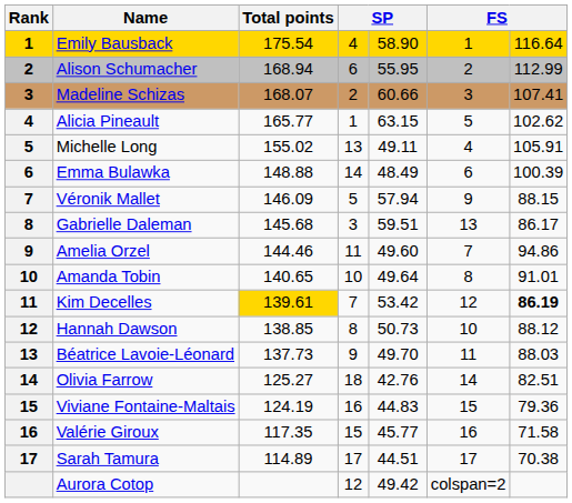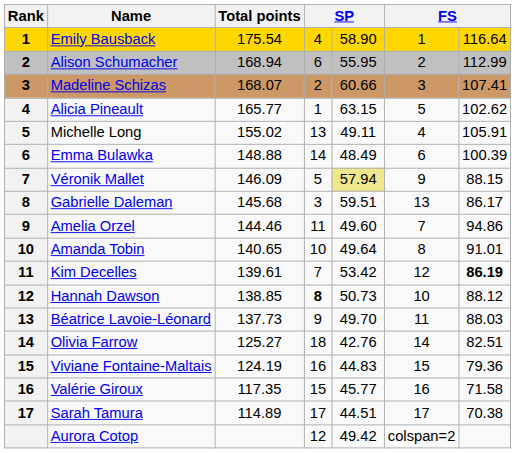 <table class="wikitable sortable">
 <tr>
 <th>Rank</th>
 <th>Name</th>
 <th>Total points</th>
 <th colspan="2" width="80px"><a href='#'>SP</a></th>
 <th colspan="2" width="80px"><a href='#'>FS</a></th>
 </tr>
 <tr bgcolor="gold">
 <td align="center"><strong>1</strong></td>
 <td><a href='#'>Emily Bausback</a></td>
 <td align="center">175.54</td>
 <td align="center">4</td>
 <td align="center">58.90</td>
 <td align="center">1</td>
 <td align="center">116.64</td>
 </tr>
 <tr bgcolor="silver">
 <td align="center"><strong>2</strong></td>
 <td><a href='#'>Alison Schumacher</a></td>
 <td align="center">168.94</td>
 <td align="center">6</td>
 <td align="center">55.95</td>
 <td align="center">2</td>
 <td align="center">112.99</td>
 </tr>
 <tr bgcolor="cc9966">
 <td align="center"><strong>3</strong></td>
 <td><a href='#'>Madeline Schizas</a></td>
 <td align="center">168.07</td>
 <td align="center">2</td>
 <td align="center">60.66</td>
 <td align="center">3</td>
 <td align="center">107.41</td>
 </tr>
 <tr>
 <th>4</th>
 <td><a href='#'>Alicia Pineault</a></td>
 <td align="center">165.77</td>
 <td align="center">1</td>
 <td align="center">63.15</td>
 <td align="center">5</td>
 <td align="center">102.62</td>
 </tr>
 <tr>
 <th>5</th>
 <td>Michelle Long</td>
 <td align="center">155.02</td>
 <td align="center">13</td>
 <td align="center">49.11</td>
 <td align="center">4</td>
 <td align="center">105.91</td>
 </tr>
 <tr>
 <th>6</th>
 <td><a href='#'>Emma Bulawka</a></td>
 <td align="center">148.88</td>
 <td align="center">14</td>
 <td align="center">48.49</td>
 <td align="center">6</td>
 <td align="center">100.39</td>
 </tr>
 <tr>
 <th>7</th>
 <td><a href='#'>Véronik Mallet</a></td>
 <td align="center">146.09</td>
 <td align="center">5</td>
-<td align="center">57.94</td>
+<td align="center" style="background: khaki;">57.94</td>
 <td align="center">9</td>
 <td align="center">88.15</td>
 </tr>
 <tr>
 <th>8</th>
 <td><a href='#'>Gabrielle Daleman</a></td>
 <td align="center">145.68</td>
 <td align="center">3</td>
 <td align="center">59.51</td>
 <td align="center">13</td>
 <td align="center">86.17</td>
 </tr>
 <tr>
 <th>9</th>
 <td><a href='#'>Amelia Orzel</a></td>
 <td align="center">144.46</td>
 <td align="center">11</td>
 <td align="center">49.60</td>
 <td align="center">7</td>
 <td align="center">94.86</td>
 </tr>
 <tr>
 <th>10</th>
 <td><a href='#'>Amanda Tobin</a></td>
 <td align="center">140.65</td>
 <td align="center">10</td>
 <td align="center">49.64</td>
 <td align="center">8</td>
 <td align="center">91.01</td>
 </tr>
 <tr>
 <th>11</th>
 <td><a href='#'>Kim Decelles</a></td>
-<td align="center" style="background: gold;">139.61</td>
+<td align="center">139.61</td>
 <td align="center">7</td>
 <td align="center">53.42</td>
 <td align="center">12</td>
 <td align="center"><strong>86.19</strong></td>
 </tr>
 <tr>
 <th>12</th>
 <td><a href='#'>Hannah Dawson</a></td>
 <td align="center">138.85</td>
-<td align="center">8</td>
+<td align="center"><strong>8</strong></td>
 <td align="center">50.73</td>
 <td align="center">10</td>
 <td align="center">88.12</td>
 </tr>
 <tr>
 <th>13</th>
 <td><a href='#'>Béatrice Lavoie-Léonard</a></td>
 <td align="center">137.73</td>
 <td align="center">9</td>
 <td align="center">49.70</td>
 <td align="center">11</td>
 <td align="center">88.03</td>
 </tr>
 <tr>
 <th>14</th>
 <td><a href='#'>Olivia Farrow</a></td>
 <td align="center">125.27</td>
 <td align="center">18</td>
 <td align="center">42.76</td>
 <td align="center">14</td>
 <td align="center">82.51</td>
 </tr>
 <tr>
 <th>15</th>
 <td><a href='#'>Viviane Fontaine-Maltais</a></td>
 <td align="center">124.19</td>
 <td align="center">16</td>
 <td align="center">44.83</td>
 <td align="center">15</td>
 <td align="center">79.36</td>
 </tr>
 <tr>
 <th>16</th>
 <td><a href='#'>Valérie Giroux</a></td>
 <td align="center">117.35</td>
 <td align="center">15</td>
 <td align="center">45.77</td>
 <td align="center">16</td>
 <td align="center">71.58</td>
 </tr>
 <tr>
 <th>17</th>
 <td><a href='#'>Sarah Tamura</a></td>
 <td align="center">114.89</td>
 <td align="center">17</td>
 <td align="center">44.51</td>
 <td align="center">17</td>
 <td align="center">70.38</td>
 </tr>
 <tr>
 <th></th>
 <td><a href='#'>Aurora Cotop</a></td>
 <td></td>
 <td align="center">12</td>
 <td align="center">49.42</td>
 <td>colspan=2 </td>
 </tr>
 </table>
